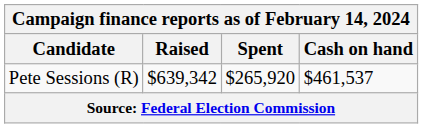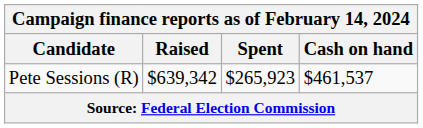 <table class="wikitable sortable">
 <tr>
 <th colspan=4>Campaign finance reports as of February 14, 2024</th>
 </tr>
 <tr style="text-align:center;">
 <th>Candidate</th>
 <th>Raised</th>
 <th>Spent</th>
 <th>Cash on hand</th>
 </tr>
 <tr>
 <td style="background-color:">Pete Sessions (R)</td>
 <td>$639,342</td>
-<td>$265,920</td>
+<td>$265,923</td>
 <td>$461,537</td>
 </tr>
 <tr>
 <th colspan="4"><small>Source: <a href='#'>Federal Election Commission</a></small></th>
 </tr>
 </table>
